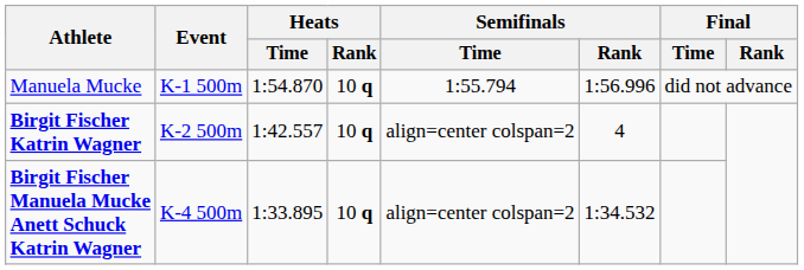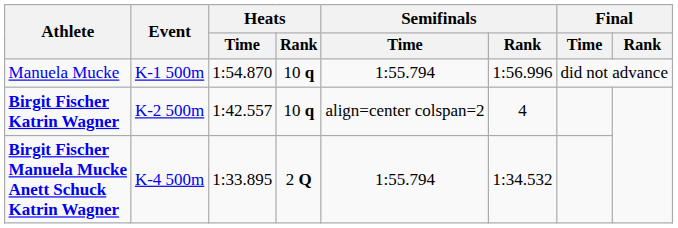 <table class="wikitable" style="font-size:90%">
 <tr>
 <th rowspan=2>Athlete</th>
 <th rowspan=2>Event</th>
 <th colspan=2>Heats</th>
 <th colspan=2>Semifinals</th>
 <th colspan=2>Final</th>
 </tr>
 <tr style="font-size:95%">
 <th>Time</th>
 <th>Rank</th>
 <th>Time</th>
 <th>Rank</th>
 <th>Time</th>
 <th>Rank</th>
 </tr>
 <tr>
 <td align=left><a href='#'>Manuela Mucke</a></td>
 <td align=left><a href='#'>K-1 500m</a></td>
 <td align=center>1:54.870</td>
 <td align=center>10 <strong>q</strong></td>
 <td align=center>1:55.794</td>
 <td align=center>1:56.996</td>
 <td align=center colspan=2>did not advance</td>
 </tr>
 <tr>
 <td align=left><strong><a href='#'>Birgit Fischer</a></strong><br> <strong><a href='#'>Katrin Wagner</a></strong></td>
 <td align=left><a href='#'>K-2 500m</a></td>
 <td align=center>1:42.557</td>
 <td align=center>10 <strong>q</strong></td>
 <td>align=center colspan=2 </td>
 <td align=center>4</td>
 <td align=center></td>
 </tr>
 <tr>
 <td align=left><strong><a href='#'>Birgit Fischer</a></strong><br> <strong><a href='#'>Manuela Mucke</a></strong><br> <strong><a href='#'>Anett Schuck</a></strong><br> <strong><a href='#'>Katrin Wagner</a></strong></td>
 <td align=left><a href='#'>K-4 500m</a></td>
 <td align=center>1:33.895</td>
-<td align=center>10 <strong>q</strong></td>
-<td>align=center colspan=2 </td>
+<td align=center>2 <strong>Q</strong></td>
+<td align=center>1:55.794</td>
 <td align=center>1:34.532</td>
 <td align=center></td>
 </tr>
 </table>
